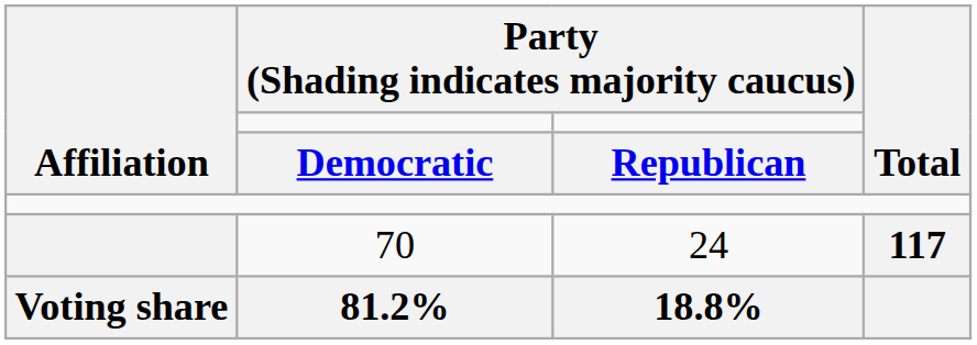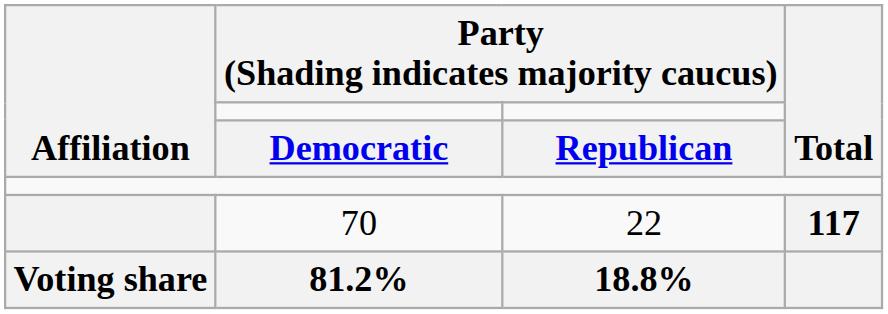 <table class=wikitable style="text-align:center">
 <tr style="vertical-align:bottom;">
 <th rowspan=3>Affiliation</th>
 <th colspan=2>Party <div>(Shading indicates majority caucus)</div></th>
 <th rowspan=3>Total</th>
 </tr>
 <tr style="height:5px">
 <td style="background-color:"></td>
 <td style="background-color:"></td>
 </tr>
 <tr>
 <th><a href='#'>Democratic</a></th>
 <th><a href='#'>Republican</a></th>
 </tr>
 <tr>
 <td colspan=5></td>
 </tr>
 <tr>
 <th nowrap style="font-size:80%"></th>
 <td>70</td>
-<td>24</td>
+<td>22</td>
 <th>117</th>
 </tr>
 <tr>
 <th>Voting share</th>
 <th>81.2%</th>
 <th>18.8%</th>
 <th colspan=2></th>
 </tr>
 </table>
